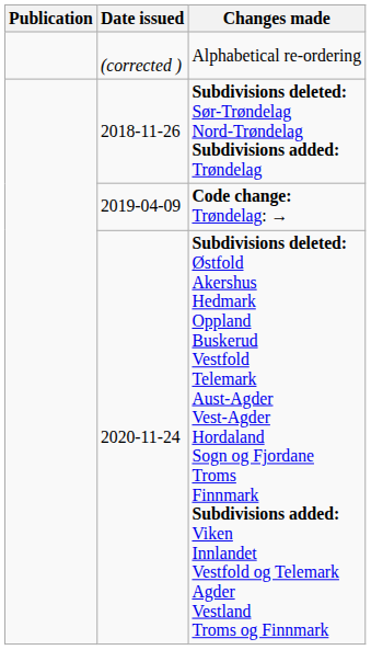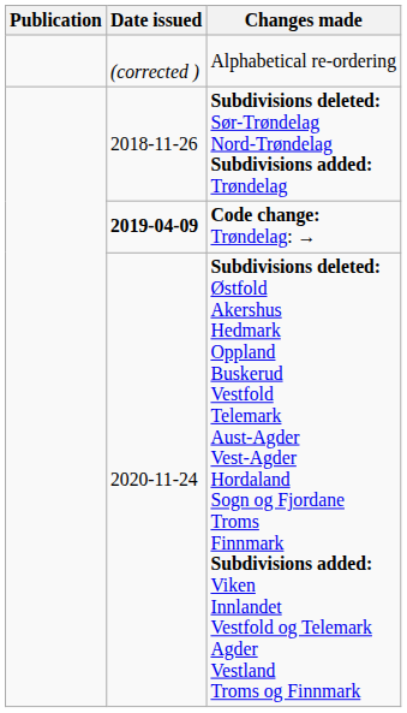 <table class="wikitable">
 <tr>
 <th>Publication</th>
 <th>Date issued</th>
 <th>Changes made</th>
 </tr>
 <tr>
 <td id="II-3"></td>
 <td><br> <em>(corrected )</em></td>
 <td>Alphabetical re-ordering</td>
 </tr>
 <tr>
 <td rowspan="3"></td>
 <td>2018-11-26</td>
 <td><strong>Subdivisions deleted:</strong><br> <a href='#'>Sør-Trøndelag</a><br> <a href='#'>Nord-Trøndelag</a><br><strong>Subdivisions added:</strong><br> <a href='#'>Trøndelag</a></td>
 </tr>
 <tr>
-<td>2019-04-09</td>
+<td><strong>2019-04-09</strong></td>
 <td style="white-space:nowrap"><strong>Code change:</strong><br><a href='#'>Trøndelag</a>:  → </td>
 </tr>
 <tr>
 <td>2020-11-24</td>
 <td style="white-space:nowrap"><strong>Subdivisions deleted:</strong><br> <a href='#'>Østfold</a><br> <a href='#'>Akershus</a><br> <a href='#'>Hedmark</a><br> <a href='#'>Oppland</a><br> <a href='#'>Buskerud</a><br> <a href='#'>Vestfold</a><br> <a href='#'>Telemark</a><br> <a href='#'>Aust-Agder</a><br> <a href='#'>Vest-Agder</a><br> <a href='#'>Hordaland</a><br> <a href='#'>Sogn og Fjordane</a><br> <a href='#'>Troms</a><br> <a href='#'>Finnmark</a><br><strong>Subdivisions added:</strong><br> <a href='#'>Viken</a><br> <a href='#'>Innlandet</a><br> <a href='#'>Vestfold og Telemark</a><br> <a href='#'>Agder</a><br> <a href='#'>Vestland</a><br> <a href='#'>Troms og Finnmark</a></td>
 </tr>
 </table>
